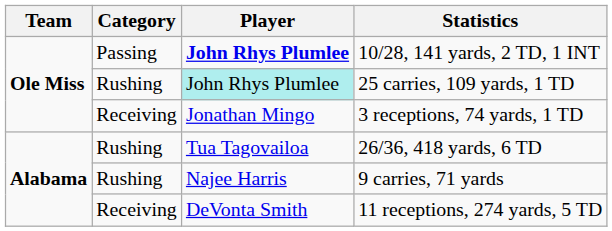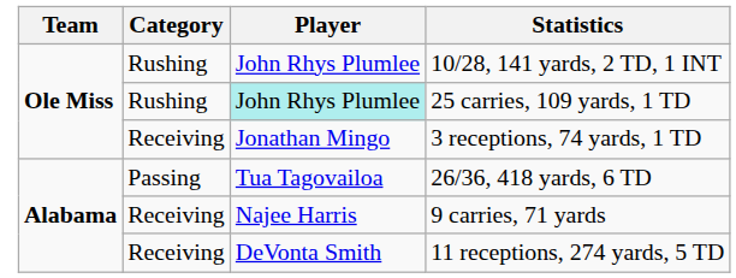 <table class="wikitable" style="float: right;">
 <tr>
 <th>Team</th>
 <th>Category</th>
 <th>Player</th>
 <th>Statistics</th>
 </tr>
 <tr>
 <td rowspan=3><strong>Ole Miss</strong></td>
-<td>Passing</td>
-<td><strong><a href='#'>John Rhys Plumlee</a></strong></td>
+<td>Rushing</td>
+<td><a href='#'>John Rhys Plumlee</a></td>
 <td>10/28, 141 yards, 2 TD, 1 INT</td>
 </tr>
 <tr>
 <td>Rushing</td>
 <td style="background: paleturquoise;">John Rhys Plumlee</td>
 <td>25 carries, 109 yards, 1 TD</td>
 </tr>
 <tr>
 <td>Receiving</td>
 <td><a href='#'>Jonathan Mingo</a></td>
 <td>3 receptions, 74 yards, 1 TD</td>
 </tr>
 <tr>
 <td rowspan=3><strong>Alabama</strong></td>
-<td>Rushing</td>
+<td>Passing</td>
 <td><a href='#'>Tua Tagovailoa</a></td>
 <td>26/36, 418 yards, 6 TD</td>
 </tr>
 <tr>
-<td>Rushing</td>
+<td>Receiving</td>
 <td><a href='#'>Najee Harris</a></td>
 <td>9 carries, 71 yards</td>
 </tr>
 <tr>
 <td>Receiving</td>
 <td><a href='#'>DeVonta Smith</a></td>
 <td>11 receptions, 274 yards, 5 TD</td>
 </tr>
 </table>
